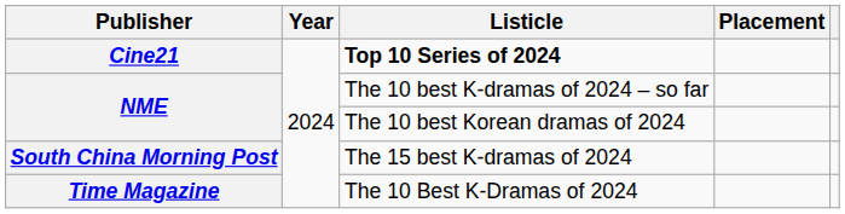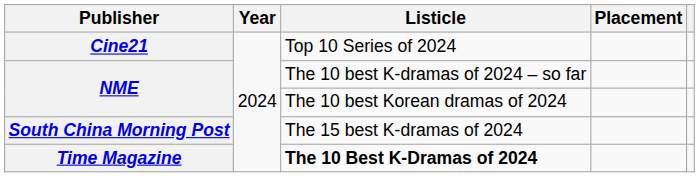 <table class="wikitable plainrowheaders sortable" style="text-align:center">
 <tr>
 <th scope="col">Publisher</th>
 <th scope="col">Year</th>
 <th scope="col">Listicle</th>
 <th scope="col">Placement</th>
 <th scope="col" class="unsortable"></th>
 </tr>
 <tr>
 <th scope="row"><em><a href='#'>Cine21</a></em></th>
 <td rowspan="5">2024</td>
-<td style="text-align:left"><strong>Top 10 Series of 2024</strong></td>
+<td style="text-align:left">Top 10 Series of 2024</td>
 <td></td>
 <td></td>
 </tr>
 <tr>
 <th scope="row" rowspan="2"><em><a href='#'>NME</a></em></th>
 <td style="text-align:left">The 10 best K-dramas of 2024 – so far</td>
 <td></td>
 <td></td>
 </tr>
 <tr>
 <td style="text-align:left">The 10 best Korean dramas of 2024</td>
 <td></td>
 <td></td>
 </tr>
 <tr>
 <th scope="row"><em><a href='#'>South China Morning Post</a></em></th>
 <td style="text-align:left">The 15 best K-dramas of 2024</td>
 <td></td>
 <td></td>
 </tr>
 <tr>
 <th scope="row"><em><a href='#'>Time Magazine</a></em></th>
-<td style="text-align:left">The 10 Best K-Dramas of 2024</td>
+<td style="text-align:left"><strong>The 10 Best K-Dramas of 2024</strong></td>
 <td></td>
 <td></td>
 </tr>
 </table>
